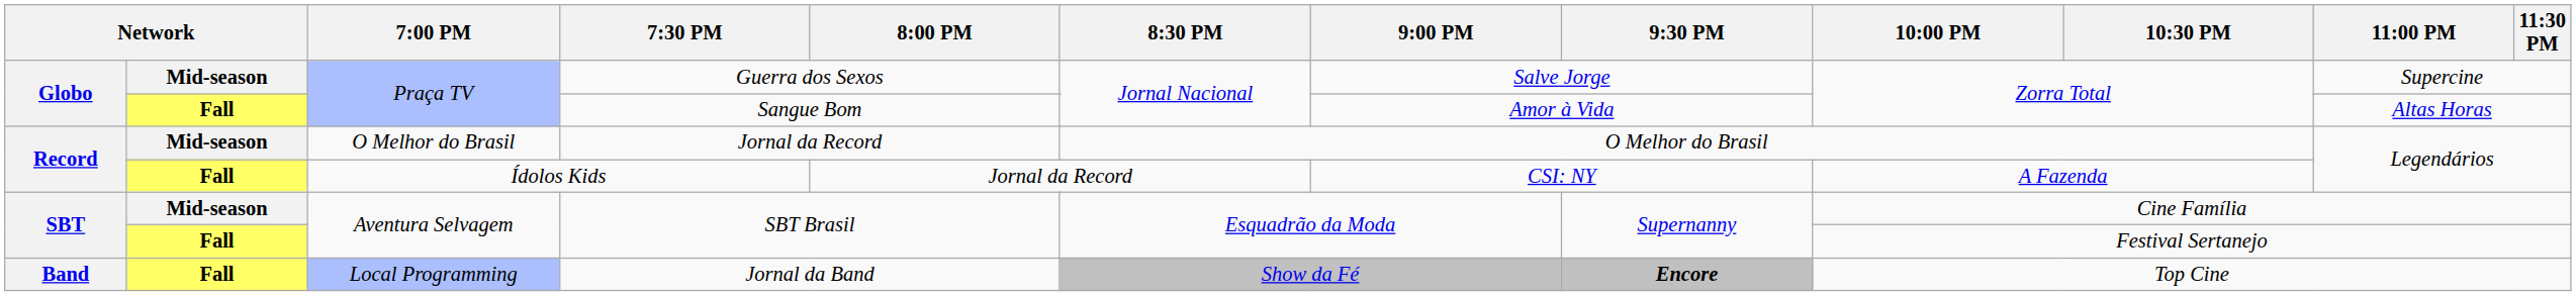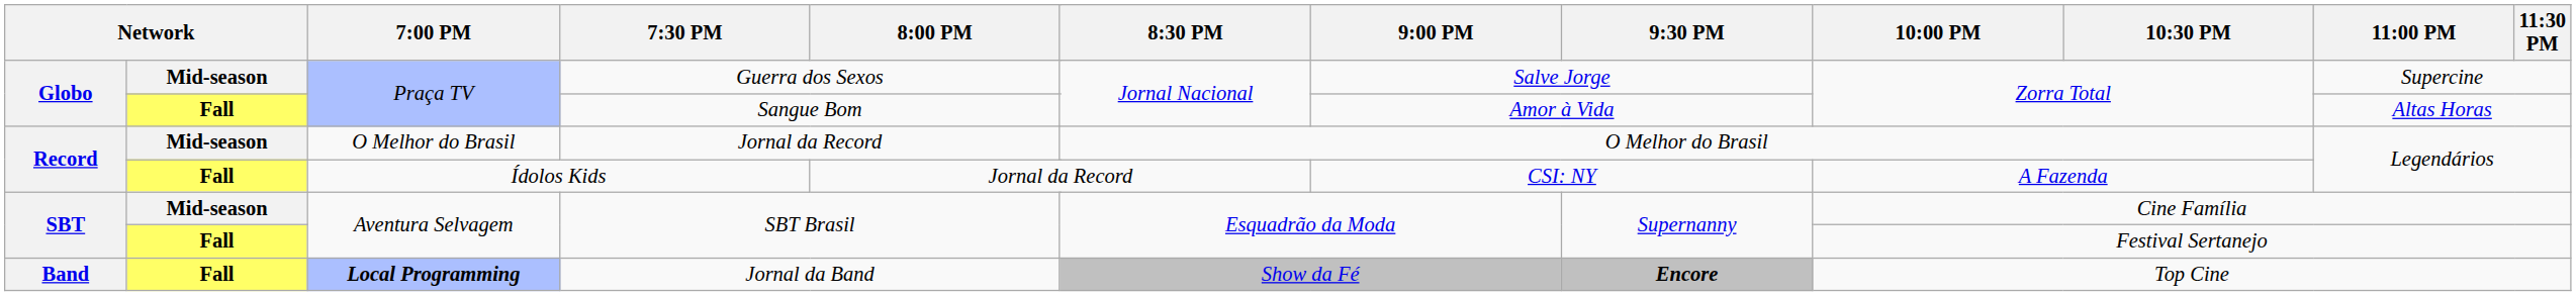 <table class="wikitable" style="width:100%;margin-right:0;text-align:center">
 <tr>
 <th colspan="2" style="width:12%;">Network</th>
 <th style="width:10%;">7:00 PM</th>
 <th style="width:10%;">7:30 PM</th>
 <th colspan="2" ! style="width:10%;">8:00 PM</th>
 <th style="width:10%;">8:30 PM</th>
 <th style="width:10%;">9:00 PM</th>
 <th style="width:10%;">9:30 PM</th>
 <th style="width:10%;">10:00 PM</th>
 <th style="width:10%;">10:30 PM</th>
 <th style="width:10%;">11:00 PM</th>
 <th style="width:10%;">11:30 PM</th>
 </tr>
 <tr>
 <th rowspan="2"><a href='#'>Globo</a></th>
 <th>Mid-season</th>
 <td colspan="1" style="background:#abbfff;" rowspan="2"><em>Praça TV</em></td>
 <td colspan="3"><em>Guerra dos Sexos</em></td>
 <td colspan="1" rowspan="2"><em><a href='#'>Jornal Nacional</a></em></td>
 <td colspan="2"><em><a href='#'>Salve Jorge</a></em></td>
 <td colspan="2" rowspan="2"><em><a href='#'>Zorra Total</a></em></td>
 <td colspan="2"><em>Supercine</em></td>
 </tr>
 <tr>
 <th style="background:#FFFF66;">Fall</th>
 <td colspan="3"><em>Sangue Bom</em></td>
 <td colspan="2"><em><a href='#'>Amor à Vida</a></em></td>
 <td colspan="2"><em><a href='#'>Altas Horas</a></em></td>
 </tr>
 <tr>
 <th rowspan="2"><a href='#'>Record</a></th>
 <th>Mid-season</th>
 <td colspan="1"><em>O Melhor do Brasil</em></td>
 <td colspan="3"><em>Jornal da Record</em></td>
 <td colspan="5"><em>O Melhor do Brasil</em></td>
 <td colspan="2" rowspan="2"><em>Legendários</em></td>
 </tr>
 <tr>
 <th style="background:#FFFF66;">Fall</th>
 <td colspan="2"><em>Ídolos Kids</em></td>
 <td colspan="3"><em>Jornal da Record</em></td>
 <td colspan="2"><em><a href='#'>CSI: NY</a></em></td>
 <td colspan="2"><em><a href='#'>A Fazenda</a></em></td>
 </tr>
 <tr>
 <th rowspan="2"><a href='#'>SBT</a></th>
 <th>Mid-season</th>
 <td colspan="1" rowspan="2"><em>Aventura Selvagem</em></td>
 <td colspan="3" rowspan="2"><em>SBT Brasil</em></td>
 <td colspan="2" rowspan="2"><em><a href='#'>Esquadrão da Moda</a></em></td>
 <td colspan="1" rowspan="2"><em><a href='#'>Supernanny</a></em></td>
 <td colspan="4"><em>Cine Família</em></td>
 </tr>
 <tr>
 <th style="background:#FFFF66;">Fall</th>
 <td colspan="4"><em>Festival Sertanejo</em></td>
 </tr>
 <tr>
 <th colspan="1"><a href='#'>Band</a></th>
 <th style="background:#FFFF66;">Fall</th>
-<td colspan="1" style="background:#abbfff;"><em>Local Programming</em></td>
+<td colspan="1" style="background:#abbfff;"><strong><em>Local Programming</em></strong></td>
 <td colspan="2"><em>Jornal da Band</em></td>
 <td colspan="3" style="background:#C0C0C0;"><em><a href='#'>Show da Fé</a></em></td>
 <td colspan="1" style="background:#C0C0C0;"><strong><em>Encore</em></strong></td>
 <td colspan="4"><em>Top Cine</em></td>
 </tr>
 </table>
